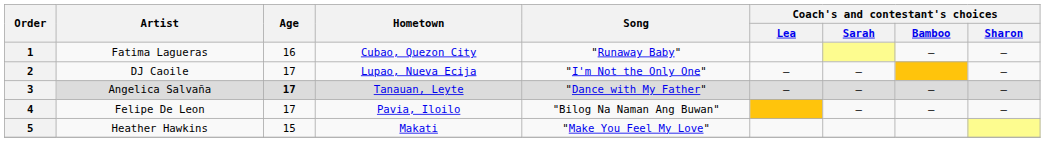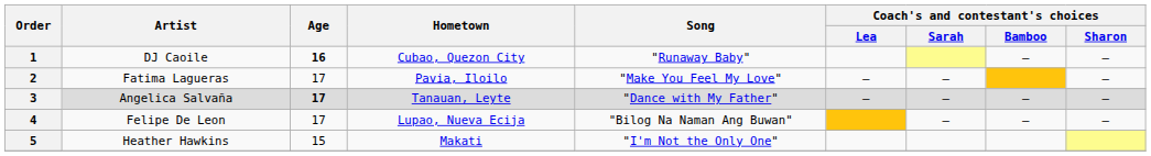 <table class="wikitable" style="text-align:center; line-height:17px;width:100%;">
 <tr>
 <th scope="col" rowspan="2" width="05%">Order</th>
 <th scope="col" rowspan="2" width="20%">Artist</th>
 <th scope="col" rowspan="2" width="05%">Age</th>
 <th scope="col" rowspan="2" width="20%">Hometown</th>
 <th scope="col" rowspan="2" width="22%">Song</th>
 <th scope="col" colspan="4" width="28%">Coach's and contestant's choices</th>
 </tr>
 <tr>
 <th width="07%"><a href='#'>Lea</a></th>
 <th width="07%"><a href='#'>Sarah</a></th>
 <th width="07%"><a href='#'>Bamboo</a></th>
 <th width="07%"><a href='#'>Sharon</a></th>
 </tr>
 <tr>
 <th>1</th>
-<td>Fatima Lagueras</td>
-<td>16</td>
+<td>DJ Caoile</td>
+<td><strong>16</strong></td>
 <td><a href='#'>Cubao, Quezon City</a></td>
 <td>"<a href='#'>Runaway Baby</a>"</td>
 <td><strong></strong></td>
 <td style="background:#fdfc8f;"><strong></strong></td>
 <td>—</td>
 <td>—</td>
 </tr>
 <tr>
 <th>2</th>
-<td>DJ Caoile</td>
+<td>Fatima Lagueras</td>
 <td>17</td>
-<td><a href='#'>Lupao, Nueva Ecija</a></td>
-<td>"<a href='#'>I'm Not the Only One</a>"</td>
+<td><a href='#'>Pavia, Iloilo</a></td>
+<td>"<a href='#'>Make You Feel My Love</a>"</td>
 <td>—</td>
 <td>—</td>
 <td style="background:#FFC40C;"><strong></strong></td>
 <td>—</td>
 </tr>
 <tr>
 <th>3</th>
 <td style="background:#DCDCDC;">Angelica Salvaña</td>
 <td style="background:#DCDCDC;"><strong>17</strong></td>
 <td style="background:#DCDCDC;"><a href='#'>Tanauan, Leyte</a></td>
 <td style="background:#DCDCDC;">"<a href='#'>Dance with My Father</a>"</td>
 <td style="background:#DCDCDC;">—</td>
 <td style="background:#DCDCDC;">—</td>
 <td style="background:#DCDCDC;">—</td>
 <td style="background:#DCDCDC;">—</td>
 </tr>
 <tr>
 <th>4</th>
 <td>Felipe De Leon</td>
 <td>17</td>
-<td><a href='#'>Pavia, Iloilo</a></td>
+<td><a href='#'>Lupao, Nueva Ecija</a></td>
 <td>"Bilog Na Naman Ang Buwan"</td>
 <td style="background:#FFC40C;"><strong></strong></td>
 <td>—</td>
 <td>—</td>
 <td>—</td>
 </tr>
 <tr>
 <th>5</th>
 <td>Heather Hawkins</td>
 <td>15</td>
 <td><a href='#'>Makati</a></td>
-<td>"<a href='#'>Make You Feel My Love</a>"</td>
+<td>"<a href='#'>I'm Not the Only One</a>"</td>
 <td><strong></strong></td>
 <td><strong></strong></td>
 <td><strong></strong></td>
 <td style="background:#fdfc8f;"><strong></strong></td>
 </tr>
 <tr>
 </tr>
 </table>
